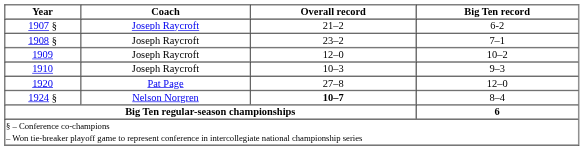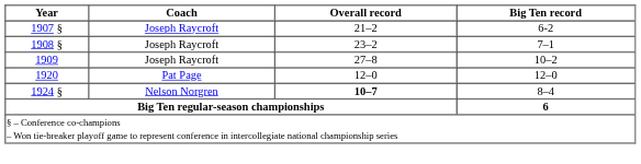 <table cellpadding="1" border="1" cellspacing="0" width="70%" style="text-align:center;">
 <tr>
 <th>Year</th>
 <th>Coach</th>
 <th>Overall record</th>
 <th>Big Ten record</th>
 </tr>
 <tr>
 <td><a href='#'>1907</a> §</td>
 <td><a href='#'>Joseph Raycroft</a></td>
 <td>21–2</td>
 <td>6-2</td>
 </tr>
 <tr>
 <td><a href='#'>1908</a> §</td>
 <td>Joseph Raycroft</td>
 <td>23–2</td>
 <td>7–1</td>
 </tr>
 <tr>
 <td><a href='#'>1909</a></td>
 <td>Joseph Raycroft</td>
-<td>12–0</td>
+<td>27–8</td>
 <td>10–2</td>
-</tr>
-<tr>
-<td><a href='#'>1910</a></td>
-<td>Joseph Raycroft</td>
-<td>10–3</td>
-<td>9–3</td>
 </tr>
 <tr>
 <td><a href='#'>1920</a></td>
 <td><a href='#'>Pat Page</a></td>
-<td>27–8</td>
+<td>12–0</td>
 <td>12–0</td>
 </tr>
 <tr>
 <td><a href='#'>1924</a> §</td>
 <td><a href='#'>Nelson Norgren</a></td>
 <td><strong>10–7</strong></td>
 <td>8–4</td>
 </tr>
 <tr>
 <td colspan="3"><strong>Big Ten regular-season championships</strong></td>
 <td colspan="1"><strong>6</strong></td>
 </tr>
 <tr>
 <td colspan="4" style="text-align:left"><small>§ – Conference co-champions<br> – Won tie-breaker playoff game to represent conference in intercollegiate national championship series</small></td>
 </tr>
 </table>
